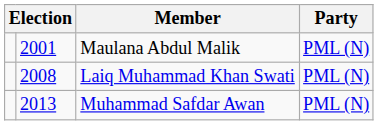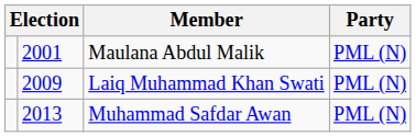 <table class="wikitable">
 <tr>
 <th colspan="2">Election</th>
 <th>Member</th>
 <th>Party</th>
 </tr>
 <tr>
 <td style="background-color: "></td>
 <td><a href='#'>2001</a></td>
 <td>Maulana Abdul Malik</td>
 <td><a href='#'>PML (N)</a></td>
 </tr>
 <tr>
 <td style="background-color: "></td>
-<td><a href='#'>2008</a></td>
+<td><a href='#'>2009</a></td>
 <td><a href='#'>Laiq Muhammad Khan Swati</a></td>
 <td><a href='#'>PML (N)</a></td>
 </tr>
 <tr>
 <td style="background-color: "></td>
 <td><a href='#'>2013</a></td>
 <td><a href='#'>Muhammad Safdar Awan</a></td>
 <td><a href='#'>PML (N)</a></td>
 </tr>
 </table>
